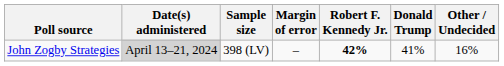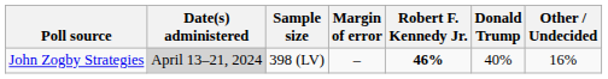 <table class="wikitable sortable mw-datatable" style="font-size:90%;text-align:center;line-height:17px">
 <tr valign=bottom>
 <th>Poll source</th>
 <th>Date(s)<br>administered</th>
 <th>Sample<br>size</th>
 <th>Margin<br>of error</th>
 <th class="unsortable">Robert F.<br>Kennedy Jr.<br></th>
 <th class="unsortable">Donald<br>Trump<br></th>
 <th class="unsortable">Other /<br>Undecided</th>
 </tr>
 <tr>
 <td style="text-align:left;"><a href='#'>John Zogby Strategies</a></td>
 <td data-sort-value="2024-05-01" style="background: lightgrey;">April 13–21, 2024</td>
 <td>398 (LV)</td>
 <td>–</td>
-<td style="background-color:"><strong>42%</strong></td>
-<td>41%</td>
+<td style="background-color:"><strong>46%</strong></td>
+<td>40%</td>
 <td>16%</td>
 </tr>
 </table>
